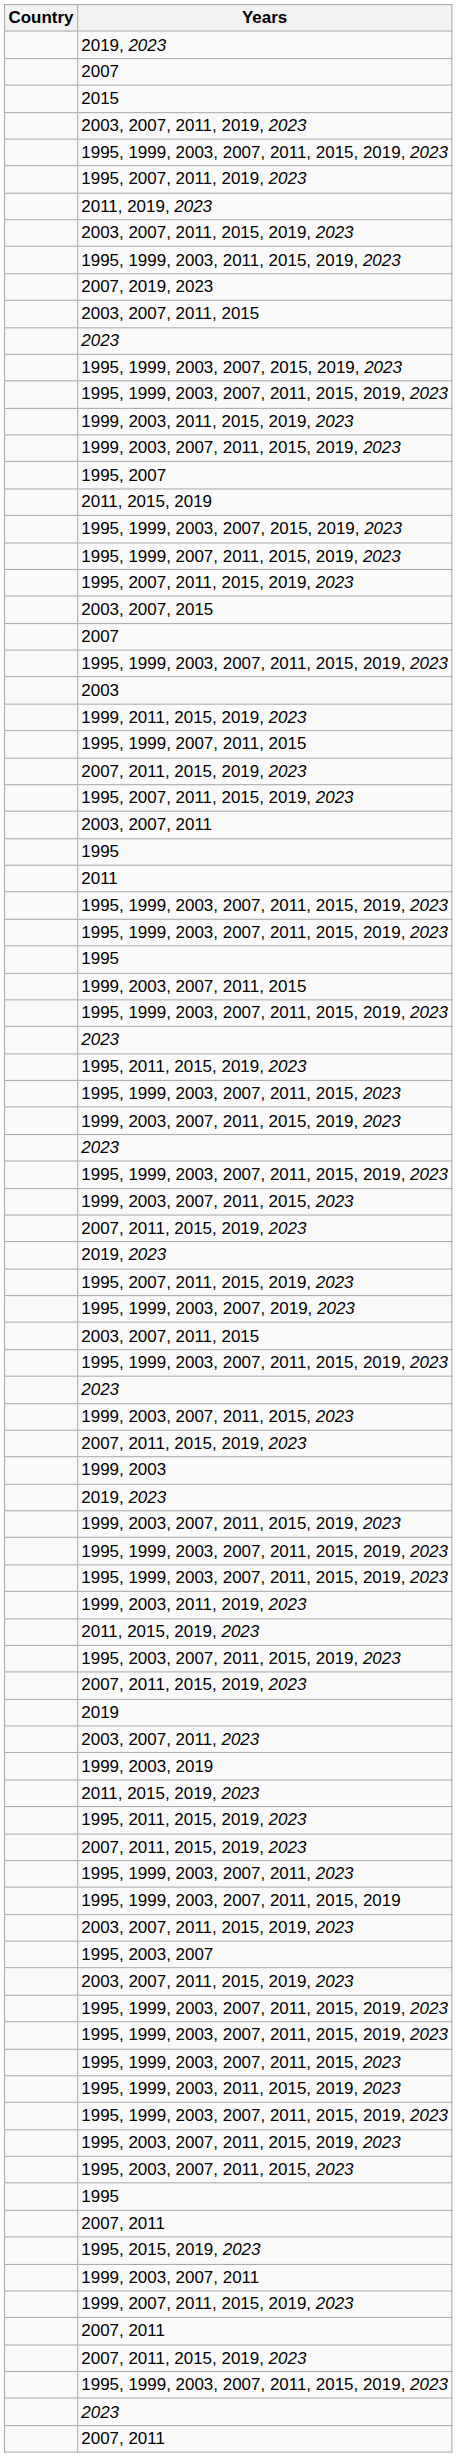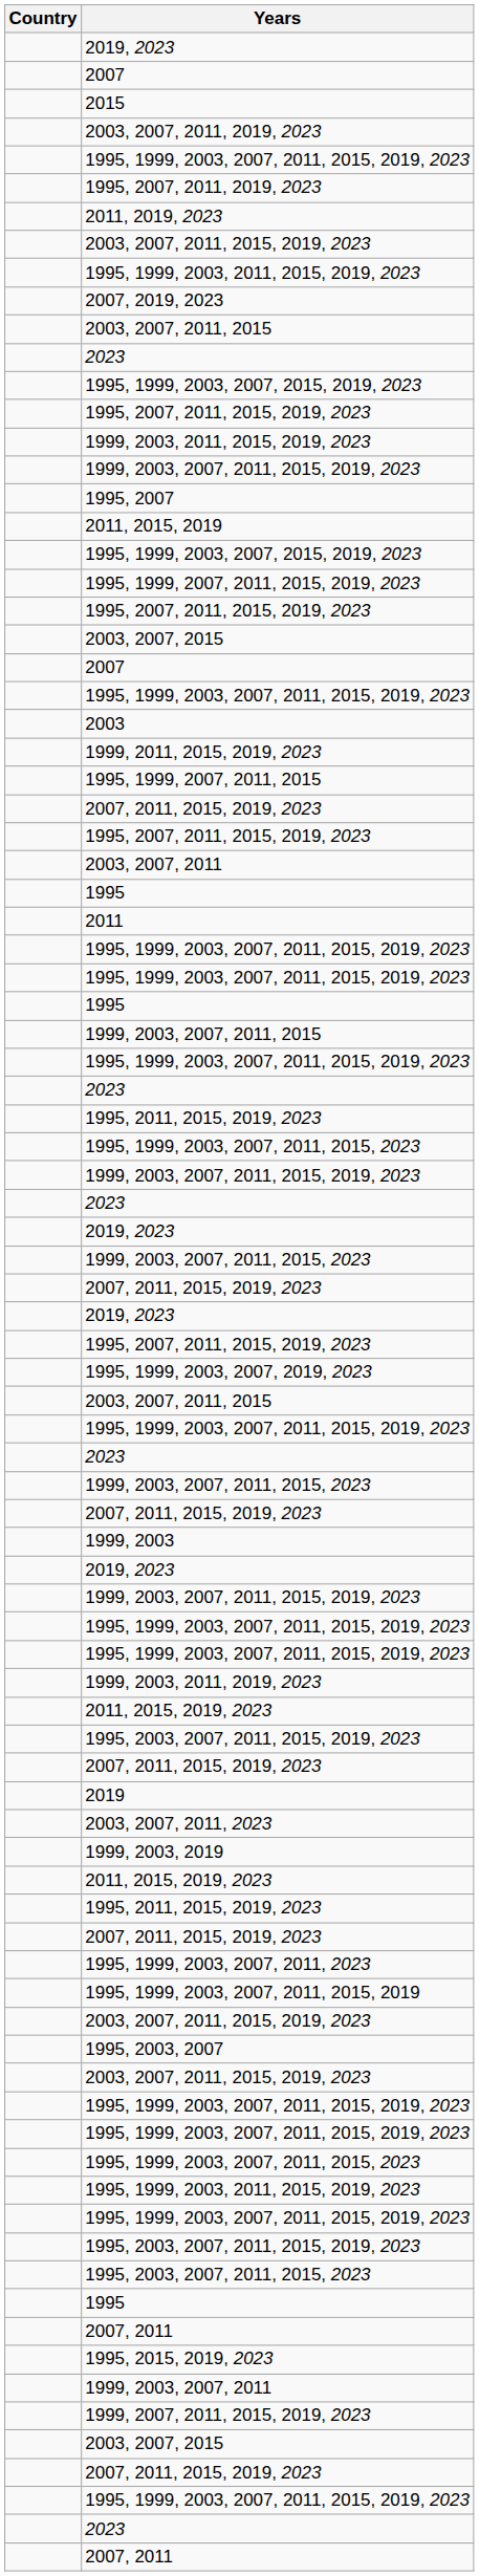 <table class="wikitable sortable">
 <tr>
 <th>Country</th>
 <th>Years</th>
 </tr>
 <tr>
 <td></td>
 <td>2019, <em>2023</em></td>
 </tr>
 <tr>
 <td></td>
 <td>2007</td>
 </tr>
 <tr>
 <td></td>
 <td>2015</td>
 </tr>
 <tr>
 <td></td>
 <td>2003, 2007, 2011, 2019, <em>2023</em></td>
 </tr>
 <tr>
 <td></td>
 <td>1995, 1999, 2003, 2007, 2011, 2015, 2019, <em>2023</em></td>
 </tr>
 <tr>
 <td></td>
 <td>1995, 2007, 2011, 2019, <em>2023</em></td>
 </tr>
 <tr>
 <td></td>
 <td>2011, 2019, <em>2023</em></td>
 </tr>
 <tr>
 <td></td>
 <td>2003, 2007, 2011, 2015, 2019, <em>2023</em></td>
 </tr>
 <tr>
 <td></td>
 <td>1995, 1999, 2003, 2011, 2015, 2019, <em>2023</em></td>
 </tr>
 <tr>
 <td></td>
 <td>2007, 2019, 2023</td>
 </tr>
 <tr>
 <td></td>
 <td>2003, 2007, 2011, 2015</td>
 </tr>
 <tr>
 <td></td>
 <td><em>2023</em></td>
 </tr>
 <tr>
 <td></td>
 <td>1995, 1999, 2003, 2007, 2015, 2019, <em>2023</em></td>
 </tr>
 <tr>
 <td></td>
-<td>1995, 1999, 2003, 2007, 2011, 2015, 2019, <em>2023</em></td>
+<td>1995, 2007, 2011, 2015, 2019, <em>2023</em></td>
 </tr>
 <tr>
 <td></td>
 <td>1999, 2003, 2011, 2015, 2019, <em>2023</em></td>
 </tr>
 <tr>
 <td></td>
 <td>1999, 2003, 2007, 2011, 2015, 2019, <em>2023</em></td>
 </tr>
 <tr>
 <td></td>
 <td>1995, 2007</td>
 </tr>
 <tr>
 <td></td>
 <td>2011, 2015, 2019</td>
 </tr>
 <tr>
 <td></td>
 <td>1995, 1999, 2003, 2007, 2015, 2019, <em>2023</em></td>
 </tr>
 <tr>
 <td></td>
 <td>1995, 1999, 2007, 2011, 2015, 2019, <em>2023</em></td>
 </tr>
 <tr>
 <td></td>
 <td>1995, 2007, 2011, 2015, 2019, <em>2023</em></td>
 </tr>
 <tr>
 <td></td>
 <td>2003, 2007, 2015</td>
 </tr>
 <tr>
 <td></td>
 <td>2007</td>
 </tr>
 <tr>
 <td></td>
 <td>1995, 1999, 2003, 2007, 2011, 2015, 2019, <em>2023</em></td>
 </tr>
 <tr>
 <td></td>
 <td>2003</td>
 </tr>
 <tr>
 <td></td>
 <td>1999, 2011, 2015, 2019, <em>2023</em></td>
 </tr>
 <tr>
 <td></td>
 <td>1995, 1999, 2007, 2011, 2015</td>
 </tr>
 <tr>
 <td></td>
 <td>2007, 2011, 2015, 2019, <em>2023</em></td>
 </tr>
 <tr>
 <td></td>
 <td>1995, 2007, 2011, 2015, 2019, <em>2023</em></td>
 </tr>
 <tr>
 <td></td>
 <td>2003, 2007, 2011</td>
 </tr>
 <tr>
 <td></td>
 <td>1995</td>
 </tr>
 <tr>
 <td></td>
 <td>2011</td>
 </tr>
 <tr>
 <td></td>
 <td>1995, 1999, 2003, 2007, 2011, 2015, 2019, <em>2023</em></td>
 </tr>
 <tr>
 <td></td>
 <td>1995, 1999, 2003, 2007, 2011, 2015, 2019, <em>2023</em></td>
 </tr>
 <tr>
 <td></td>
 <td>1995</td>
 </tr>
 <tr>
 <td></td>
 <td>1999, 2003, 2007, 2011, 2015</td>
 </tr>
 <tr>
 <td></td>
 <td>1995, 1999, 2003, 2007, 2011, 2015, 2019, <em>2023</em></td>
 </tr>
 <tr>
 <td></td>
 <td><em>2023</em></td>
 </tr>
 <tr>
 <td></td>
 <td>1995, 2011, 2015, 2019, <em>2023</em></td>
 </tr>
 <tr>
 <td></td>
 <td>1995, 1999, 2003, 2007, 2011, 2015, <em>2023</em></td>
 </tr>
 <tr>
 <td></td>
 <td>1999, 2003, 2007, 2011, 2015, 2019, <em>2023</em></td>
 </tr>
 <tr>
 <td></td>
 <td><em>2023</em></td>
 </tr>
 <tr>
 <td></td>
-<td>1995, 1999, 2003, 2007, 2011, 2015, 2019, <em>2023</em></td>
+<td>2019, <em>2023</em></td>
 </tr>
 <tr>
 <td></td>
 <td>1999, 2003, 2007, 2011, 2015, <em>2023</em></td>
 </tr>
 <tr>
 <td></td>
 <td>2007, 2011, 2015, 2019, <em>2023</em></td>
 </tr>
 <tr>
 <td></td>
 <td>2019, <em>2023</em></td>
 </tr>
 <tr>
 <td></td>
 <td>1995, 2007, 2011, 2015, 2019, <em>2023</em></td>
 </tr>
 <tr>
 <td></td>
 <td>1995, 1999, 2003, 2007, 2019, <em>2023</em></td>
 </tr>
 <tr>
 <td></td>
 <td>2003, 2007, 2011, 2015</td>
 </tr>
 <tr>
 <td></td>
 <td>1995, 1999, 2003, 2007, 2011, 2015, 2019, <em>2023</em></td>
 </tr>
 <tr>
 <td></td>
 <td><em>2023</em></td>
 </tr>
 <tr>
 <td></td>
 <td>1999, 2003, 2007, 2011, 2015, <em>2023</em></td>
 </tr>
 <tr>
 <td></td>
 <td>2007, 2011, 2015, 2019, <em>2023</em></td>
 </tr>
 <tr>
 <td></td>
 <td>1999, 2003</td>
 </tr>
 <tr>
 <td></td>
 <td>2019, <em>2023</em></td>
 </tr>
 <tr>
 <td></td>
 <td>1999, 2003, 2007, 2011, 2015, 2019, <em>2023</em></td>
 </tr>
 <tr>
 <td></td>
 <td>1995, 1999, 2003, 2007, 2011, 2015, 2019, <em>2023</em></td>
 </tr>
 <tr>
 <td></td>
 <td>1995, 1999, 2003, 2007, 2011, 2015, 2019, <em>2023</em></td>
 </tr>
 <tr>
 <td></td>
 <td>1999, 2003, 2011, 2019, <em>2023</em></td>
 </tr>
 <tr>
 <td></td>
 <td>2011, 2015, 2019, <em>2023</em></td>
 </tr>
 <tr>
 <td></td>
 <td>1995, 2003, 2007, 2011, 2015, 2019, <em>2023</em></td>
 </tr>
 <tr>
 <td></td>
 <td>2007, 2011, 2015, 2019, <em>2023</em></td>
 </tr>
 <tr>
 <td></td>
 <td>2019</td>
 </tr>
 <tr>
 <td></td>
 <td>2003, 2007, 2011, <em>2023</em></td>
 </tr>
 <tr>
 <td></td>
 <td>1999, 2003, 2019</td>
 </tr>
 <tr>
 <td></td>
 <td>2011, 2015, 2019, <em>2023</em></td>
 </tr>
 <tr>
 <td></td>
 <td>1995, 2011, 2015, 2019, <em>2023</em></td>
 </tr>
 <tr>
 <td></td>
 <td>2007, 2011, 2015, 2019, <em>2023</em></td>
 </tr>
 <tr>
 <td></td>
 <td>1995, 1999, 2003, 2007, 2011, <em>2023</em></td>
 </tr>
 <tr>
 <td></td>
 <td>1995, 1999, 2003, 2007, 2011, 2015, 2019</td>
 </tr>
 <tr>
 <td></td>
 <td>2003, 2007, 2011, 2015, 2019, <em>2023</em></td>
 </tr>
 <tr>
 <td></td>
 <td>1995, 2003, 2007</td>
 </tr>
 <tr>
 <td></td>
 <td>2003, 2007, 2011, 2015, 2019, <em>2023</em></td>
 </tr>
 <tr>
 <td></td>
 <td>1995, 1999, 2003, 2007, 2011, 2015, 2019, <em>2023</em></td>
 </tr>
 <tr>
 <td></td>
 <td>1995, 1999, 2003, 2007, 2011, 2015, 2019, <em>2023</em></td>
 </tr>
 <tr>
 <td></td>
 <td>1995, 1999, 2003, 2007, 2011, 2015, <em>2023</em></td>
 </tr>
 <tr>
 <td></td>
 <td>1995, 1999, 2003, 2011, 2015, 2019, <em>2023</em></td>
 </tr>
 <tr>
 <td></td>
 <td>1995, 1999, 2003, 2007, 2011, 2015, 2019, <em>2023</em></td>
 </tr>
 <tr>
 <td></td>
 <td>1995, 2003, 2007, 2011, 2015, 2019, <em>2023</em></td>
 </tr>
 <tr>
 <td></td>
 <td>1995, 2003, 2007, 2011, 2015, <em>2023</em></td>
 </tr>
 <tr>
 <td></td>
 <td>1995</td>
 </tr>
 <tr>
 <td></td>
 <td>2007, 2011</td>
 </tr>
 <tr>
 <td></td>
 <td>1995, 2015, 2019, <em>2023</em></td>
 </tr>
 <tr>
 <td></td>
 <td>1999, 2003, 2007, 2011</td>
 </tr>
 <tr>
 <td></td>
 <td>1999, 2007, 2011, 2015, 2019, <em>2023</em></td>
 </tr>
 <tr>
 <td></td>
-<td>2007, 2011</td>
+<td>2003, 2007, 2015</td>
 </tr>
 <tr>
 <td></td>
 <td>2007, 2011, 2015, 2019, <em>2023</em></td>
 </tr>
 <tr>
 <td></td>
 <td>1995, 1999, 2003, 2007, 2011, 2015, 2019, <em>2023</em></td>
 </tr>
 <tr>
 <td></td>
 <td><em>2023</em></td>
 </tr>
 <tr>
 <td></td>
 <td>2007, 2011</td>
 </tr>
 </table>
